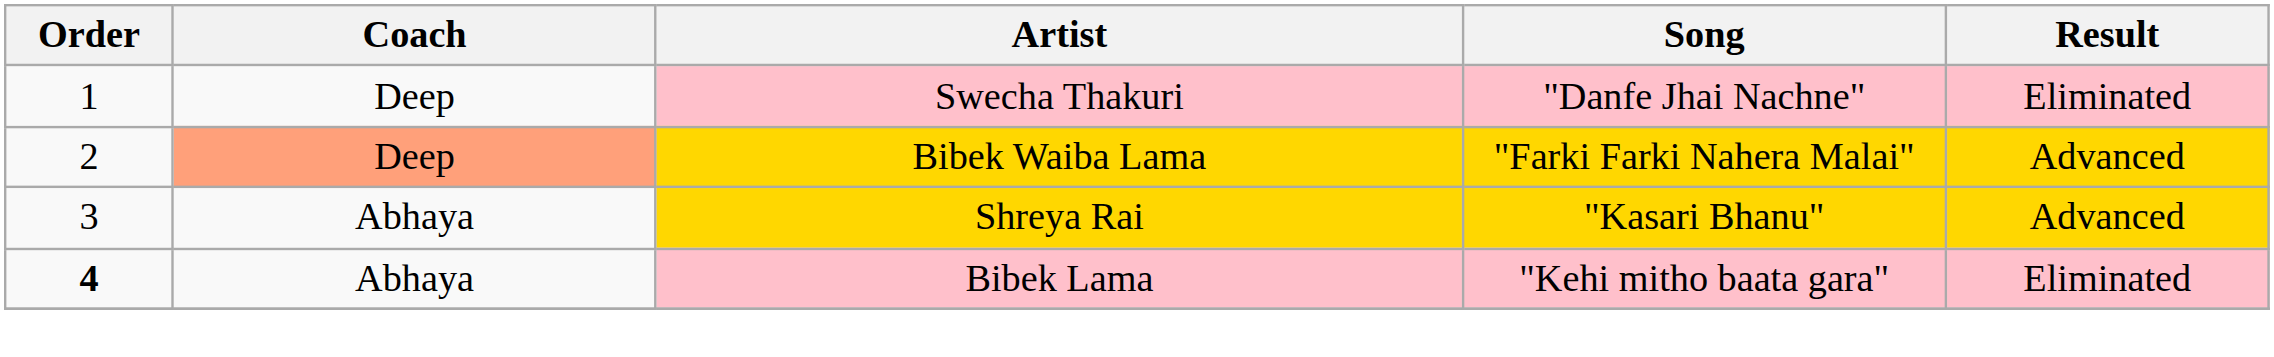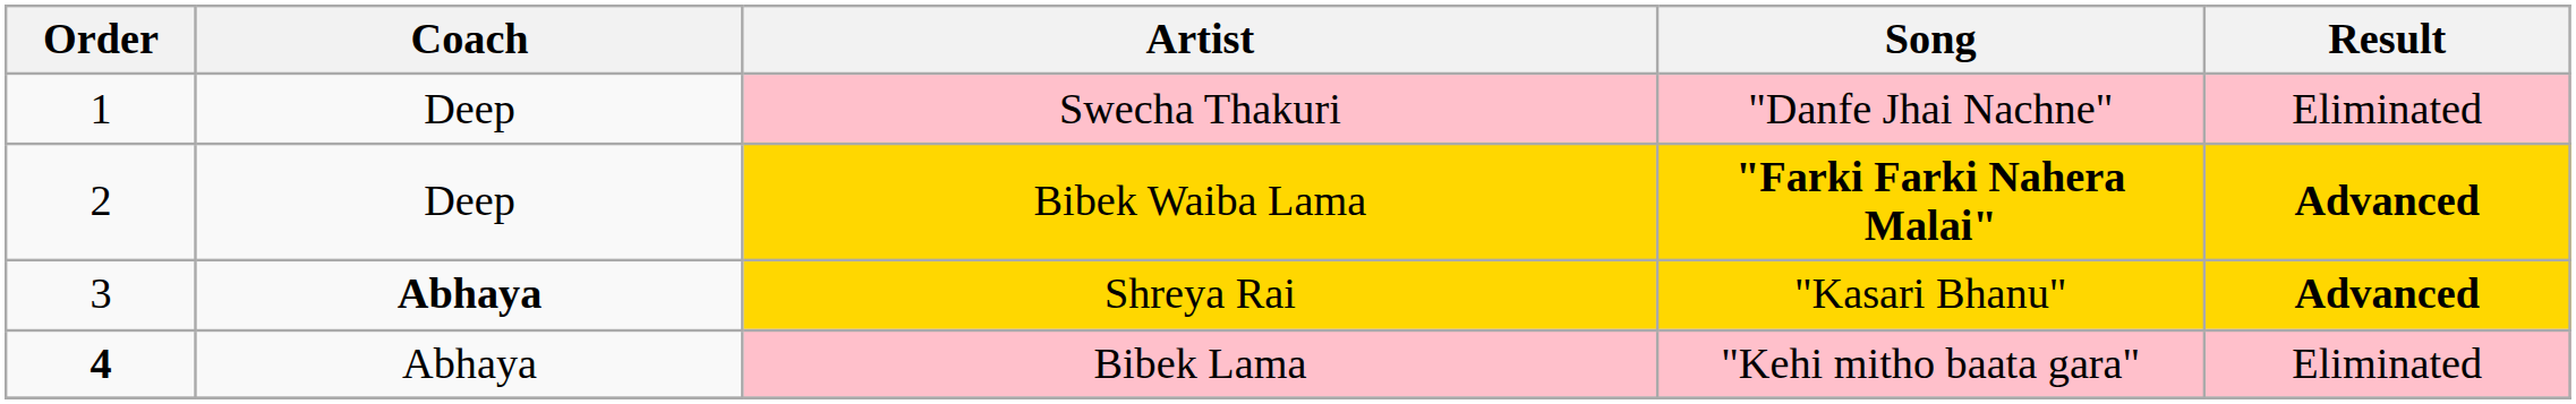 <table class="wikitable plainrowheaders" style="text-align:center; width:75%;">
 <tr>
 <th scope="col" style="width:05%;">Order</th>
 <th scope="col" style="width:15%;">Coach</th>
 <th scope="col" style="width:25%;">Artist</th>
 <th scope="col" style="width:15%;">Song</th>
 <th scope="col" style="width:10%;">Result</th>
 </tr>
 <tr>
 <td scope="row">1</td>
 <td>Deep</td>
 <td style="background:pink">Swecha Thakuri</td>
 <td style="background:pink">"Danfe Jhai Nachne"</td>
 <td style="background:pink">Eliminated</td>
 </tr>
 <tr>
 <td scope="row">2</td>
-<td style="background: lightsalmon;">Deep</td>
+<td>Deep</td>
 <td style="background:gold">Bibek Waiba Lama</td>
-<td style="background:gold">"Farki Farki Nahera Malai"</td>
-<td style="background:gold">Advanced</td>
+<td style="background:gold"><strong>"Farki Farki Nahera Malai"</strong></td>
+<td style="background:gold"><strong>Advanced</strong></td>
 </tr>
 <tr>
 <td scope="row">3</td>
-<td>Abhaya</td>
+<td><strong>Abhaya</strong></td>
 <td style="background:gold">Shreya Rai</td>
 <td style="background:gold">"Kasari Bhanu"</td>
-<td style="background:gold">Advanced</td>
+<td style="background:gold"><strong>Advanced</strong></td>
 </tr>
 <tr>
 <td scope="row"><strong>4</strong></td>
 <td>Abhaya</td>
 <td style="background:pink">Bibek Lama</td>
 <td style="background:pink">"Kehi mitho baata gara"</td>
 <td style="background:pink">Eliminated</td>
 </tr>
 <tr>
 </tr>
 </table>
